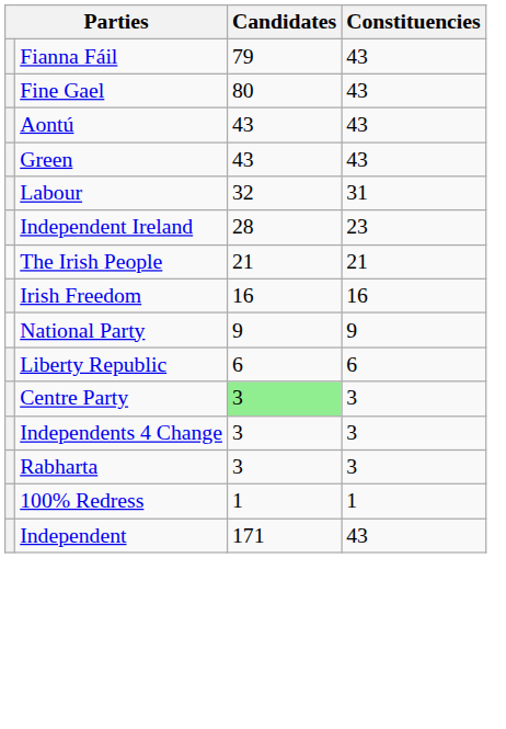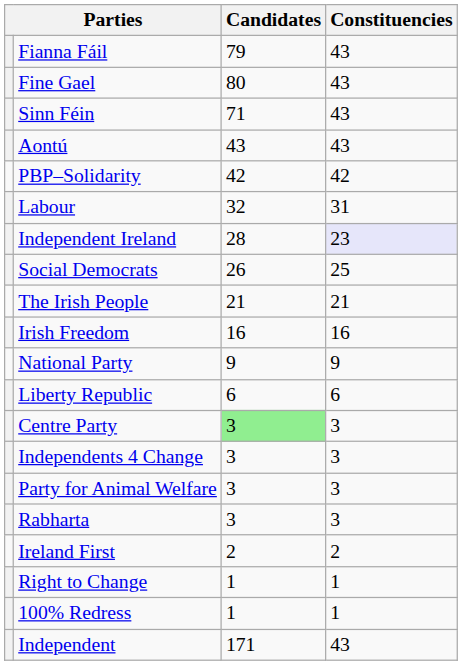 <table class="wikitable sortable collapsible">
 <tr>
 <th colspan=2 class="unsortable">Parties</th>
 <th>Candidates</th>
 <th>Constituencies</th>
 </tr>
 <tr>
 <th class="unsortable" style="background-color: "></th>
 <td><a href='#'>Fianna Fáil</a></td>
 <td>79</td>
 <td>43</td>
 </tr>
 <tr>
 <th class="unsortable" style="background-color: "></th>
 <td><a href='#'>Fine Gael</a></td>
 <td>80</td>
 <td>43</td>
 </tr>
 <tr>
 <th class="unsortable" style="background-color: "></th>
+<td><a href='#'>Sinn Féin</a></td>
+<td>71</td>
+<td>43</td>
+</tr>
+<tr>
+<th class="unsortable" style="background-color: "></th>
 <td><a href='#'>Aontú</a></td>
 <td>43</td>
 <td>43</td>
 </tr>
 <tr>
-<th class="unsortable" style="background-color: "></th>
-<td><a href='#'>Green</a></td>
-<td>43</td>
-<td>43</td>
+<td style="background:"></td>
+<td><a href='#'>PBP–Solidarity</a></td>
+<td>42</td>
+<td>42</td>
 </tr>
 <tr>
 <th class="unsortable" style="background-color: "></th>
 <td><a href='#'>Labour</a></td>
 <td>32</td>
 <td>31</td>
 </tr>
 <tr>
 <th class="unsortable" style="background-color: "></th>
 <td><a href='#'>Independent Ireland</a></td>
 <td>28</td>
-<td>23</td>
+<td style="background: lavender;">23</td>
+</tr>
+<tr>
+<th class="unsortable" style="background-color: "></th>
+<td><a href='#'>Social Democrats</a></td>
+<td>26</td>
+<td>25</td>
 </tr>
 <tr>
 <td style="background-color: "></td>
 <td><a href='#'>The Irish People</a></td>
 <td>21</td>
 <td>21</td>
 </tr>
 <tr>
 <th class="unsortable" style="background-color: "></th>
 <td><a href='#'>Irish Freedom</a></td>
 <td>16</td>
 <td>16</td>
 </tr>
 <tr>
 <td style="background-color: "></td>
 <td><a href='#'>National Party</a></td>
 <td>9</td>
 <td>9</td>
 </tr>
 <tr>
 <th class="unsortable" style="background-color: "></th>
 <td><a href='#'>Liberty Republic</a></td>
 <td>6</td>
 <td>6</td>
 </tr>
 <tr>
 <th class="unsortable" style="background-color: "></th>
 <td><a href='#'>Centre Party</a></td>
 <td style="background: lightgreen;">3</td>
 <td>3</td>
 </tr>
 <tr>
 <th class="unsortable" style="background-color: "></th>
 <td><a href='#'>Independents 4 Change</a></td>
 <td>3</td>
 <td>3</td>
 </tr>
 <tr>
 <th class="unsortable" style="background-color: "></th>
+<td><a href='#'>Party for Animal Welfare</a></td>
+<td>3</td>
+<td>3</td>
+</tr>
+<tr>
+<th class="unsortable" style="background-color: "></th>
 <td><a href='#'>Rabharta</a></td>
 <td>3</td>
 <td>3</td>
+</tr>
+<tr>
+<td style="background-color: "></td>
+<td><a href='#'>Ireland First</a></td>
+<td>2</td>
+<td>2</td>
+</tr>
+<tr>
+<th class="unsortable" style="background-color: "></th>
+<td><a href='#'>Right to Change</a></td>
+<td>1</td>
+<td>1</td>
 </tr>
 <tr>
 <th class="unsortable" style="background-color: "></th>
 <td><a href='#'>100% Redress</a></td>
 <td>1</td>
 <td>1</td>
 </tr>
 <tr>
 <th class="unsortable" style="background-color: "></th>
 <td><a href='#'>Independent</a></td>
 <td>171</td>
 <td>43</td>
 </tr>
 </table>
